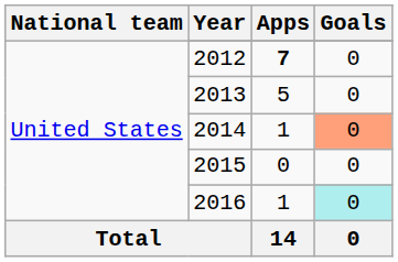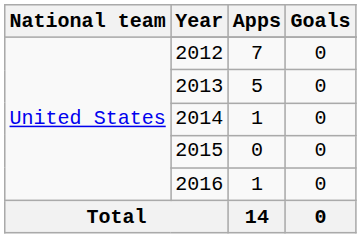 <table class="wikitable" style="text-align:center">
 <tr>
 <th>National team</th>
 <th>Year</th>
 <th>Apps</th>
 <th>Goals</th>
 </tr>
 <tr>
 <td rowspan="6"><a href='#'>United States</a></td>
 </tr>
 <tr>
 <td>2012</td>
-<td><strong>7</strong></td>
+<td>7</td>
 <td>0</td>
 </tr>
 <tr>
 <td>2013</td>
 <td>5</td>
 <td>0</td>
 </tr>
 <tr>
 <td>2014</td>
 <td>1</td>
-<td style="background: lightsalmon;">0</td>
+<td>0</td>
 </tr>
 <tr>
 <td>2015</td>
 <td>0</td>
 <td>0</td>
 </tr>
 <tr>
 <td>2016</td>
 <td>1</td>
-<td style="background: paleturquoise;">0</td>
+<td>0</td>
 </tr>
 <tr>
 <th colspan="2">Total</th>
 <th>14</th>
 <th>0</th>
 </tr>
 </table>
